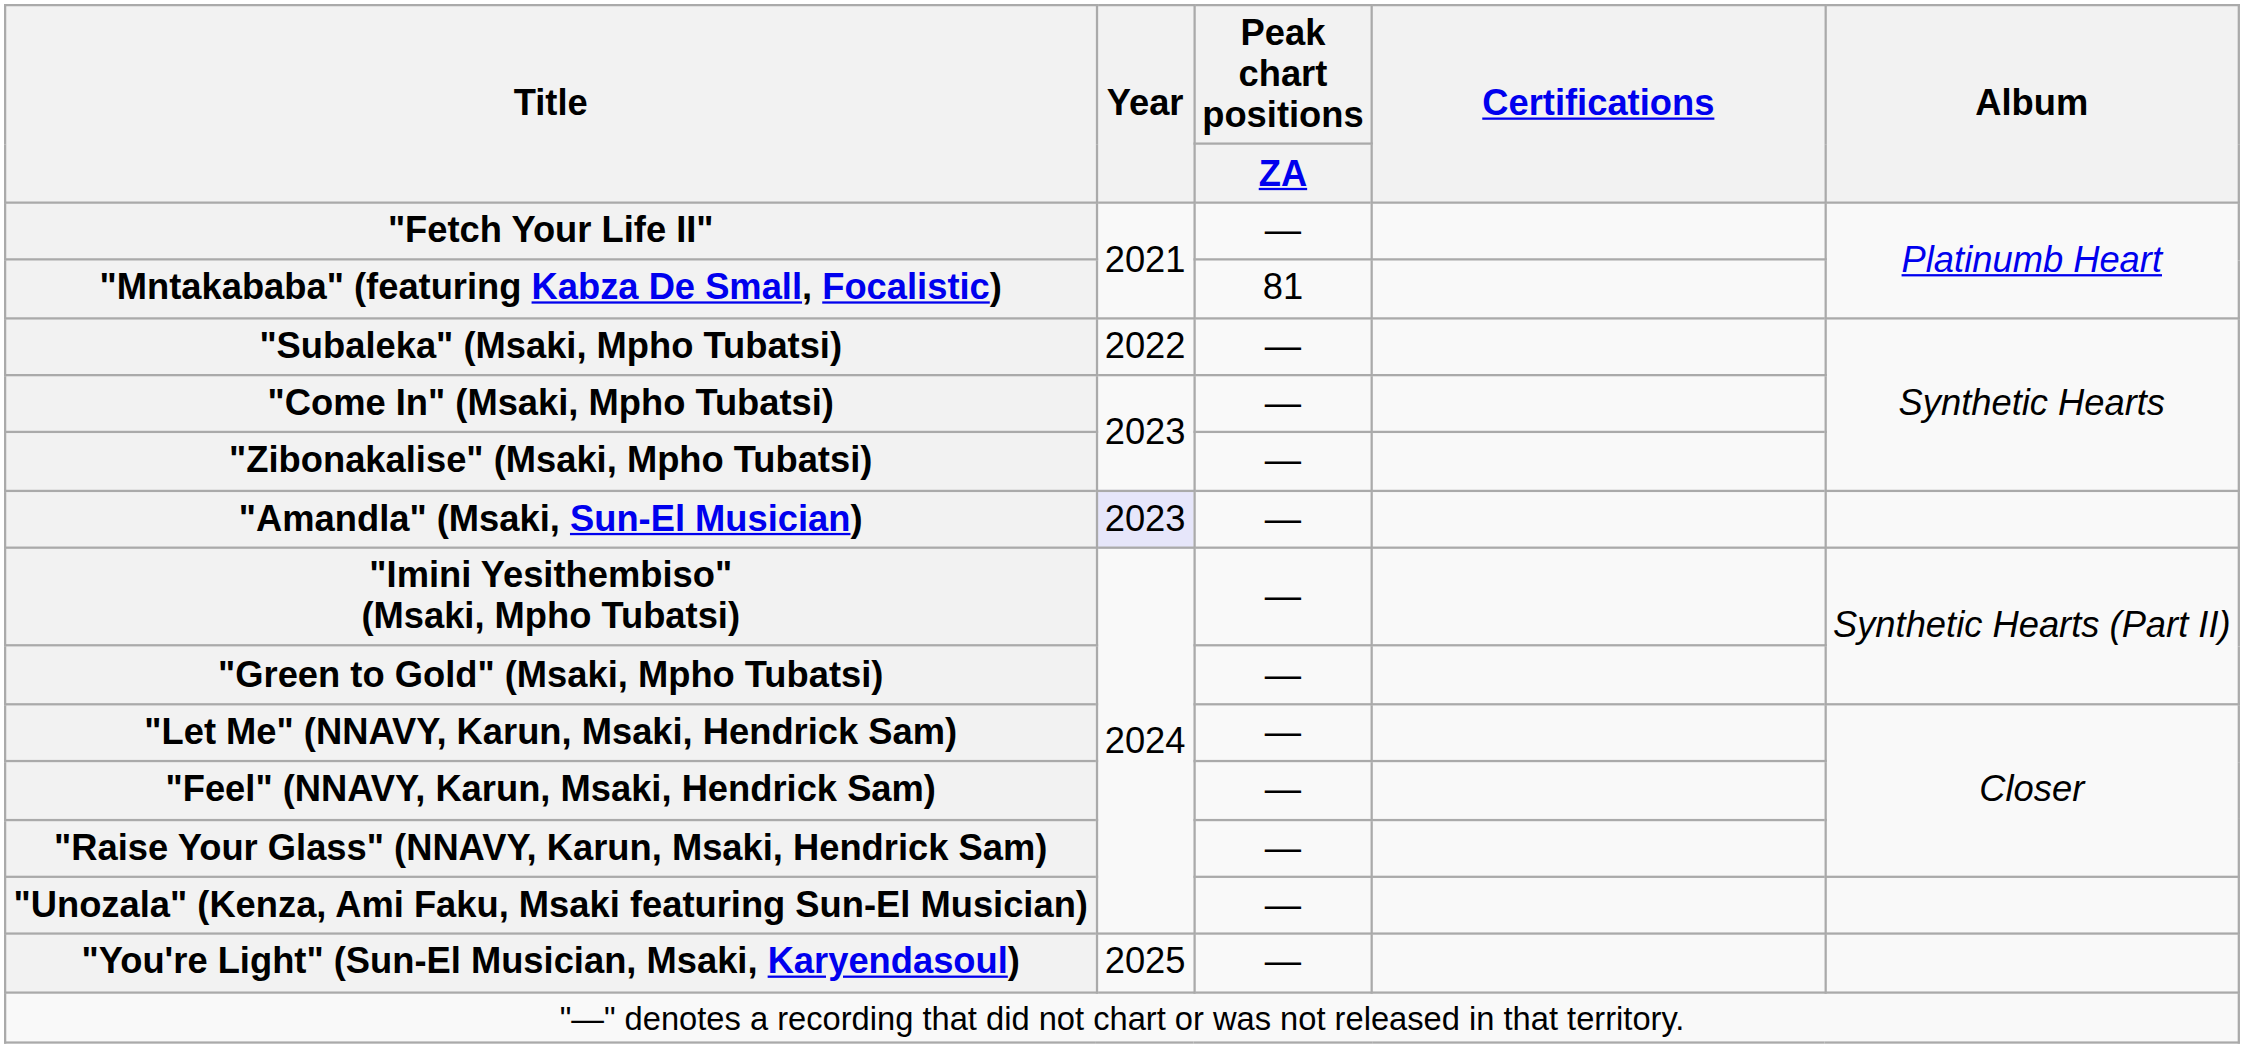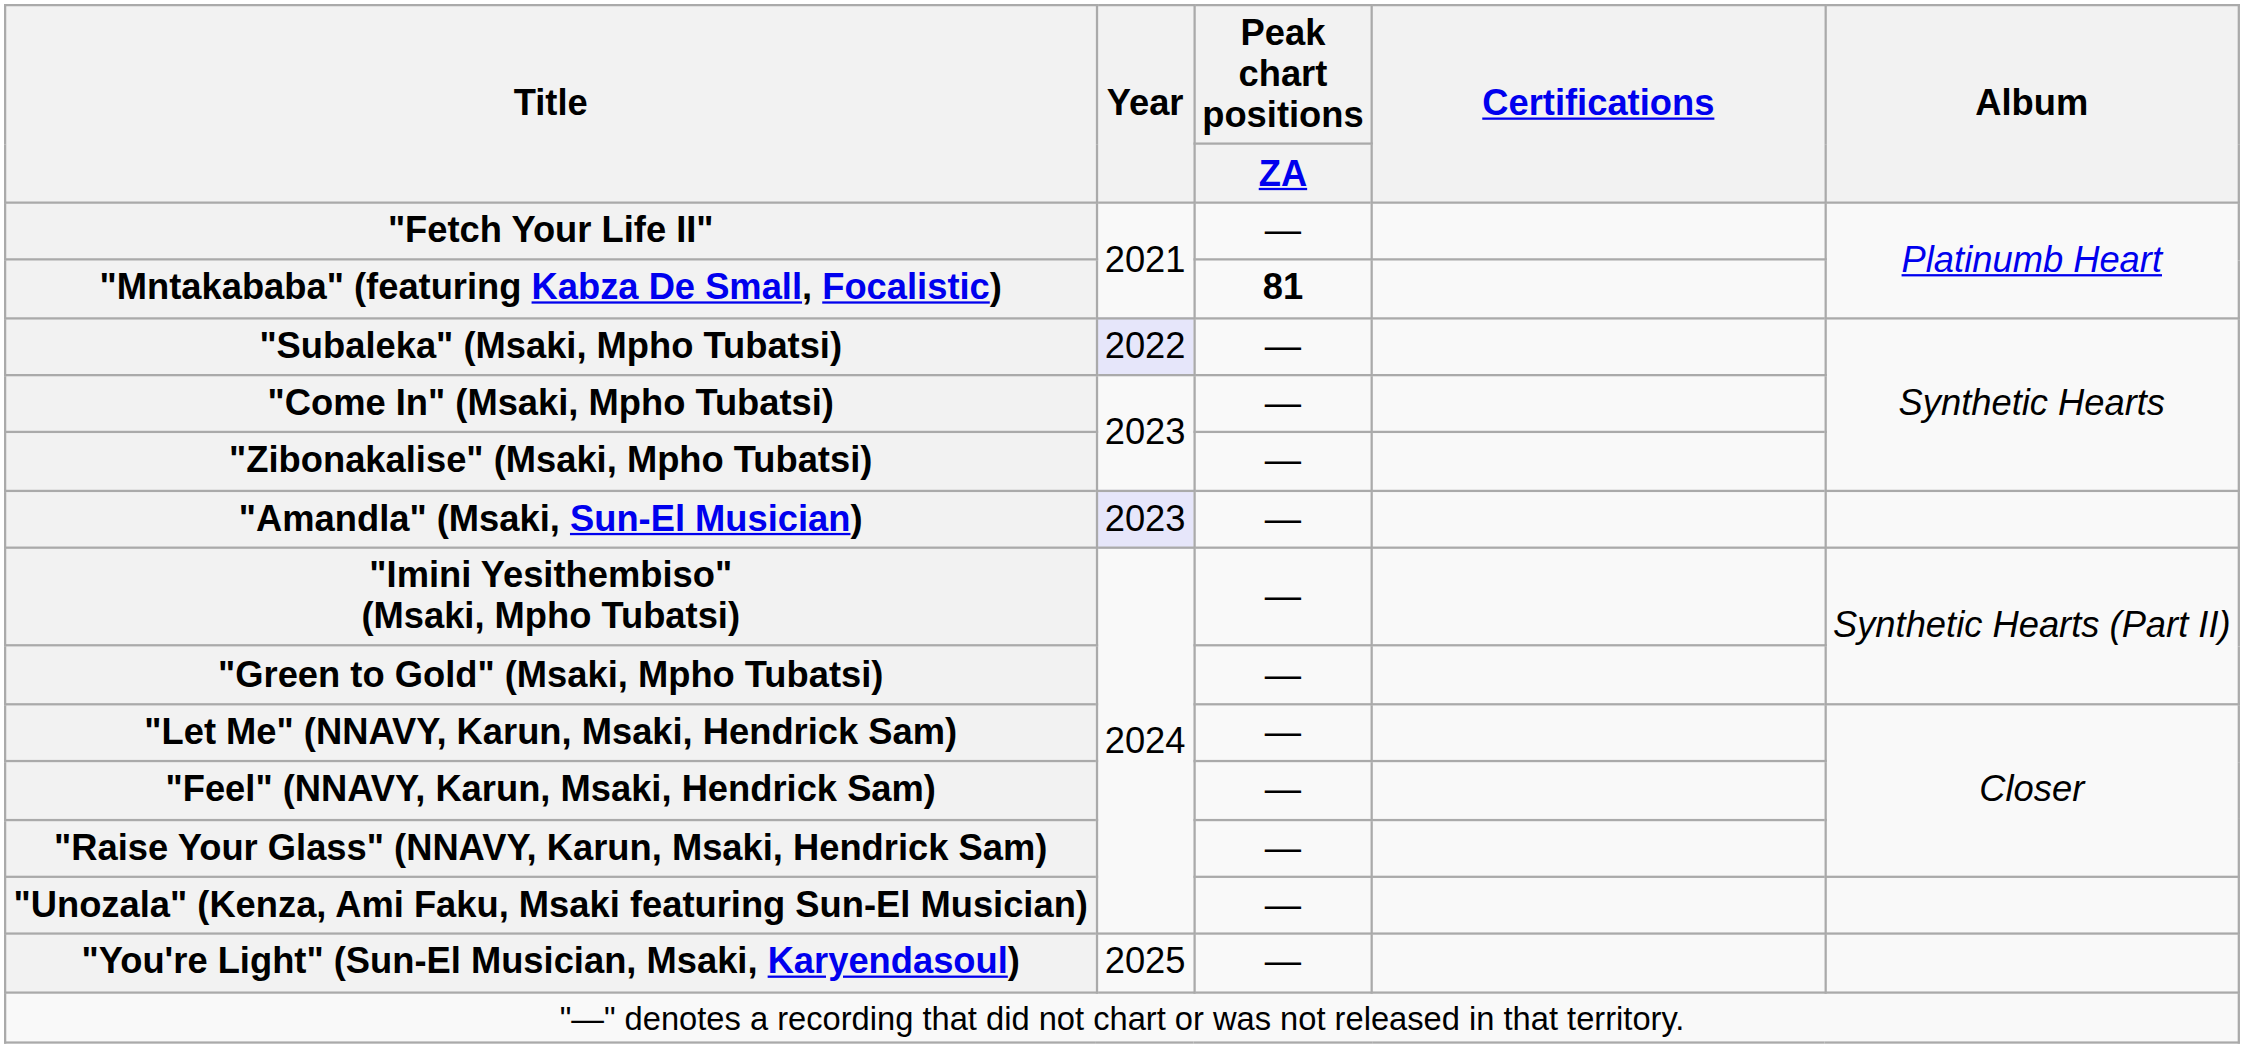 <table class="wikitable plainrowheaders" style="text-align:center;">
 <tr>
 <th scope="col" rowspan="2">Title</th>
 <th scope="col" rowspan="2">Year</th>
 <th scope="col" colspan="1">Peak chart positions</th>
 <th scope="col" rowspan="2" style="width:12em;"><a href='#'>Certifications</a></th>
 <th scope="col" rowspan="2">Album</th>
 </tr>
 <tr>
 <th scope="col" style="width:3em;font-size:100%;"><a href='#'>ZA</a><br></th>
 </tr>
 <tr>
 <th scope="row">"Fetch Your Life II"</th>
 <td rowspan=2>2021</td>
 <td>—</td>
 <td></td>
 <td rowspan=2><em><a href='#'>Platinumb Heart</a> </em></td>
 </tr>
 <tr>
 <th scope="row">"Mntakababa" (featuring <a href='#'>Kabza De Small</a>, <a href='#'>Focalistic</a>)</th>
-<td>81</td>
+<td><strong>81</strong></td>
 <td></td>
 </tr>
 <tr>
 <th scope="row">"Subaleka" (Msaki, Mpho Tubatsi)</th>
-<td>2022</td>
+<td style="background: lavender;">2022</td>
 <td>—</td>
 <td></td>
 <td rowspan=3><em>Synthetic Hearts</em></td>
 </tr>
 <tr>
 <th scope="row">"Come In" (Msaki, Mpho Tubatsi)</th>
 <td rowspan=2>2023</td>
 <td>—</td>
 <td></td>
 </tr>
 <tr>
 <th scope="row">"Zibonakalise" (Msaki, Mpho Tubatsi)</th>
 <td>—</td>
 <td></td>
 </tr>
 <tr>
 <th scope="row">"Amandla" (Msaki, <a href='#'>Sun-El Musician</a>)</th>
 <td style="background: lavender;">2023</td>
 <td>—</td>
 <td></td>
 <td></td>
 </tr>
 <tr>
 <th scope="row">"Imini Yesithembiso"<br>(Msaki, Mpho Tubatsi)</th>
 <td rowspan=6>2024</td>
 <td>—</td>
 <td></td>
 <td rowspan=2><em>Synthetic Hearts (Part II)</em></td>
 </tr>
 <tr>
 <th scope="row">"Green to Gold" (Msaki, Mpho Tubatsi)</th>
 <td>—</td>
 <td></td>
 </tr>
 <tr>
 <th scope="row">"Let Me" (NNAVY, Karun, Msaki, Hendrick Sam)</th>
 <td>—</td>
 <td></td>
 <td rowspan=3><em>Closer</em></td>
 </tr>
 <tr>
 <th scope="row">"Feel"  (NNAVY, Karun, Msaki, Hendrick Sam)</th>
 <td>—</td>
 <td></td>
 </tr>
 <tr>
 <th scope="row">"Raise Your Glass"  (NNAVY, Karun, Msaki, Hendrick Sam)</th>
 <td>—</td>
 <td></td>
 </tr>
 <tr>
 <th scope="row">"Unozala" (Kenza, Ami Faku, Msaki featuring Sun-El Musician)</th>
 <td>—</td>
 <td></td>
 <td></td>
 </tr>
 <tr>
 <th scope="row">"You're Light" (Sun-El Musician, Msaki, <a href='#'>Karyendasoul</a>)</th>
 <td>2025</td>
 <td>—</td>
 <td></td>
 <td></td>
 </tr>
 <tr>
 <td colspan="8" style="font-size:90%">"—" denotes a recording that did not chart or was not released in that territory.</td>
 </tr>
 </table>
